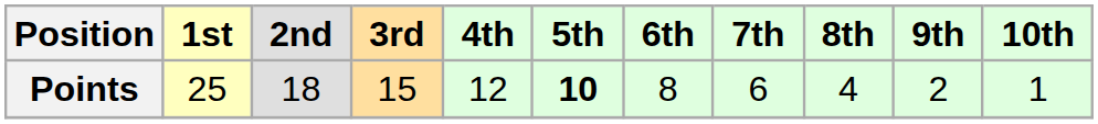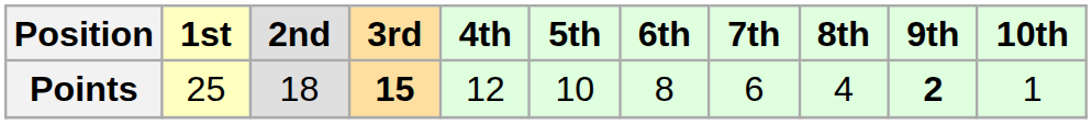 <table class="wikitable" style="font-size:85%; text-align:center">
 <tr>
 <th>Position</th>
 <td style="background:#FFFFBF;"> <strong>1st</strong> </td>
 <td style="background:#DFDFDF;"> <strong>2nd</strong> </td>
 <td style="background:#FFDF9F;"> <strong>3rd</strong> </td>
 <td style="background:#DFFFDF;"> <strong>4th</strong> </td>
 <td style="background:#DFFFDF;"> <strong>5th</strong> </td>
 <td style="background:#DFFFDF;"> <strong>6th</strong> </td>
 <td style="background:#DFFFDF;"> <strong>7th</strong> </td>
 <td style="background:#DFFFDF;"> <strong>8th</strong> </td>
 <td style="background:#DFFFDF;"> <strong>9th</strong> </td>
 <td style="background:#DFFFDF;"> <strong>10th</strong> </td>
 </tr>
 <tr>
 <th>Points</th>
 <td style="background:#FFFFBF;">25</td>
 <td style="background:#DFDFDF;">18</td>
-<td style="background:#FFDF9F;">15</td>
+<td style="background:#FFDF9F;"><strong>15</strong></td>
 <td style="background:#DFFFDF;">12</td>
-<td style="background:#DFFFDF;"><strong>10</strong></td>
+<td style="background:#DFFFDF;">10</td>
 <td style="background:#DFFFDF;">8</td>
 <td style="background:#DFFFDF;">6</td>
 <td style="background:#DFFFDF;">4</td>
-<td style="background:#DFFFDF;">2</td>
+<td style="background:#DFFFDF;"><strong>2</strong></td>
 <td style="background:#DFFFDF;">1</td>
 </tr>
 <tr>
 </tr>
 </table>
